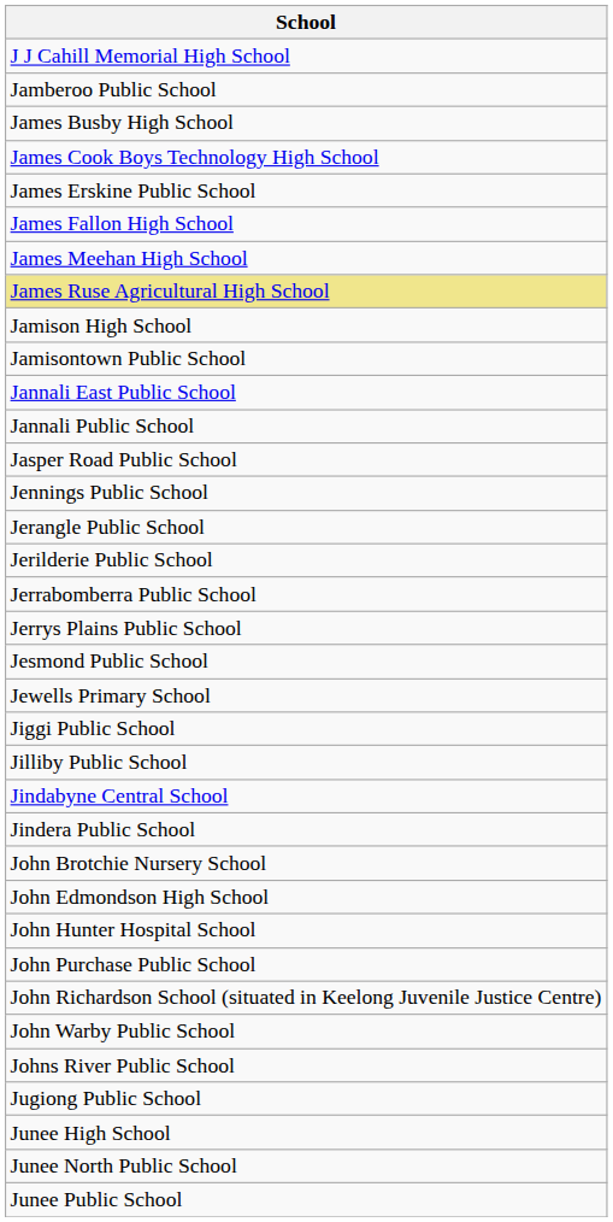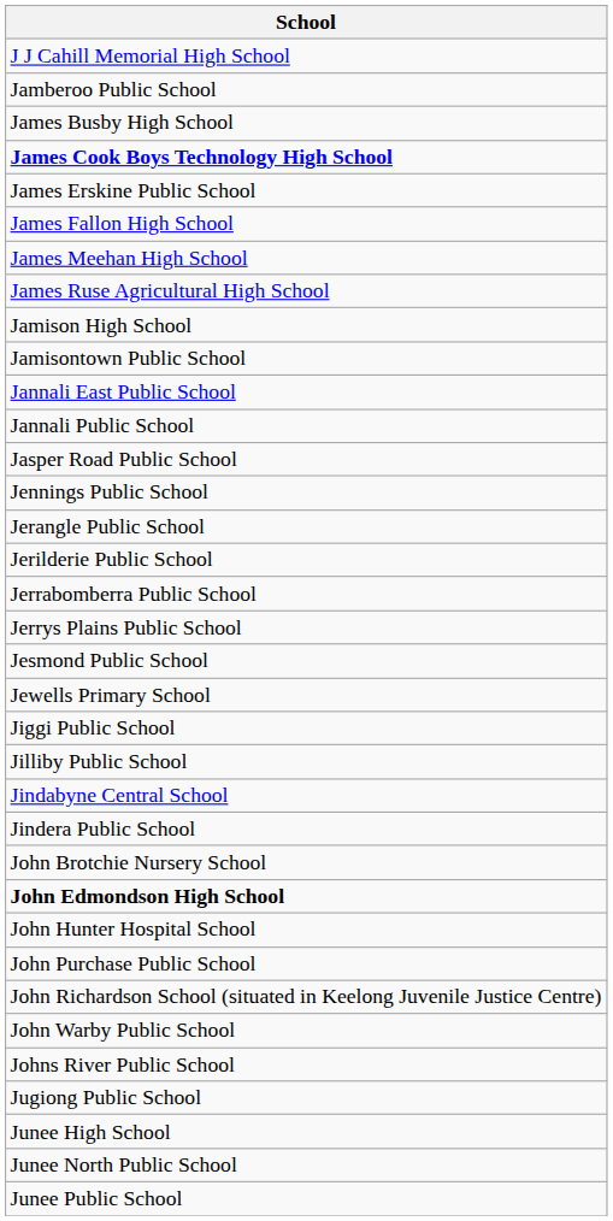 <table class="wikitable">
 <tr>
 <th>School</th>
 </tr>
 <tr>
 <td><a href='#'>J J Cahill Memorial High School</a></td>
 </tr>
 <tr>
 <td>Jamberoo Public School</td>
 </tr>
 <tr>
 <td>James Busby High School</td>
 </tr>
 <tr>
-<td><a href='#'>James Cook Boys Technology High School</a></td>
+<td><strong><a href='#'>James Cook Boys Technology High School</a></strong></td>
 </tr>
 <tr>
 <td>James Erskine Public School</td>
 </tr>
 <tr>
 <td><a href='#'>James Fallon High School</a></td>
 </tr>
 <tr>
 <td><a href='#'>James Meehan High School</a></td>
 </tr>
 <tr>
-<td style="background: khaki;"><a href='#'>James Ruse Agricultural High School</a></td>
+<td><a href='#'>James Ruse Agricultural High School</a></td>
 </tr>
 <tr>
 <td>Jamison High School</td>
 </tr>
 <tr>
 <td>Jamisontown Public School</td>
 </tr>
 <tr>
 <td><a href='#'>Jannali East Public School</a></td>
 </tr>
 <tr>
 <td>Jannali Public School</td>
 </tr>
 <tr>
 <td>Jasper Road Public School</td>
 </tr>
 <tr>
 <td>Jennings Public School</td>
 </tr>
 <tr>
 <td>Jerangle Public School</td>
 </tr>
 <tr>
 <td>Jerilderie Public School</td>
 </tr>
 <tr>
 <td>Jerrabomberra Public School</td>
 </tr>
 <tr>
 <td>Jerrys Plains Public School</td>
 </tr>
 <tr>
 <td>Jesmond Public School</td>
 </tr>
 <tr>
 <td>Jewells Primary School</td>
 </tr>
 <tr>
 <td>Jiggi Public School</td>
 </tr>
 <tr>
 <td>Jilliby Public School</td>
 </tr>
 <tr>
 <td><a href='#'>Jindabyne Central School</a></td>
 </tr>
 <tr>
 <td>Jindera Public School</td>
 </tr>
 <tr>
 <td>John Brotchie Nursery School</td>
 </tr>
 <tr>
-<td>John Edmondson High School</td>
+<td><strong>John Edmondson High School</strong></td>
 </tr>
 <tr>
 <td>John Hunter Hospital School</td>
 </tr>
 <tr>
 <td>John Purchase Public School</td>
 </tr>
 <tr>
 <td>John Richardson School (situated in Keelong Juvenile Justice Centre)</td>
 </tr>
 <tr>
 <td>John Warby Public School</td>
 </tr>
 <tr>
 <td>Johns River Public School</td>
 </tr>
 <tr>
 <td>Jugiong Public School</td>
 </tr>
 <tr>
 <td>Junee High School</td>
 </tr>
 <tr>
 <td>Junee North Public School</td>
 </tr>
 <tr>
 <td>Junee Public School</td>
 </tr>
 </table>
